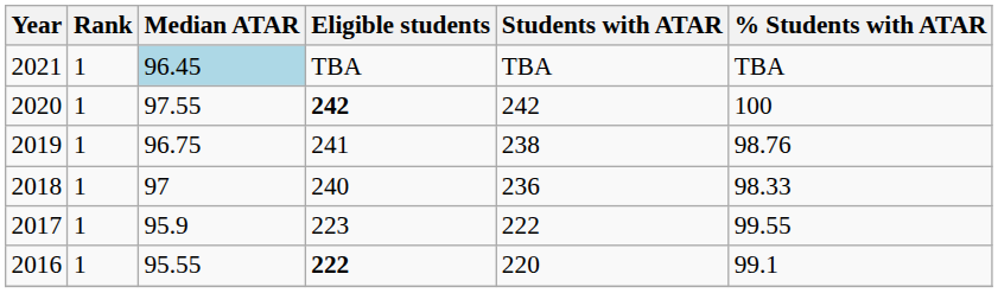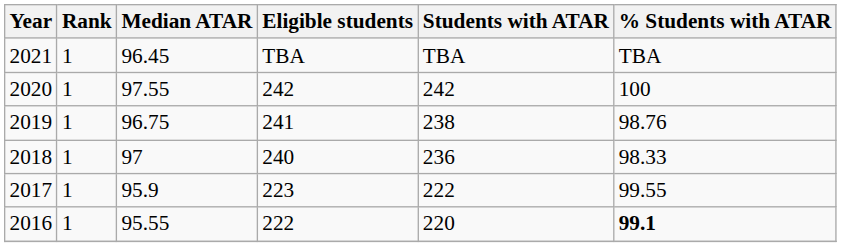 <table class="wikitable sortable">
 <tr>
 <th>Year</th>
 <th>Rank</th>
 <th>Median ATAR</th>
 <th>Eligible students</th>
 <th>Students with ATAR</th>
 <th>% Students with ATAR</th>
 </tr>
 <tr>
 <td>2021</td>
 <td>1</td>
-<td style="background: lightblue;">96.45</td>
+<td>96.45</td>
 <td>TBA</td>
 <td>TBA</td>
 <td>TBA</td>
 </tr>
 <tr>
 <td>2020</td>
 <td>1</td>
 <td>97.55</td>
-<td><strong>242</strong></td>
+<td>242</td>
 <td>242</td>
 <td>100</td>
 </tr>
 <tr>
 <td>2019</td>
 <td>1</td>
 <td>96.75</td>
 <td>241</td>
 <td>238</td>
 <td>98.76</td>
 </tr>
 <tr>
 <td>2018</td>
 <td>1</td>
 <td>97</td>
 <td>240</td>
 <td>236</td>
 <td>98.33</td>
 </tr>
 <tr>
 <td>2017</td>
 <td>1</td>
 <td>95.9</td>
 <td>223</td>
 <td>222</td>
 <td>99.55</td>
 </tr>
 <tr>
 <td>2016</td>
 <td>1</td>
 <td>95.55</td>
-<td><strong>222</strong></td>
+<td>222</td>
 <td>220</td>
-<td>99.1</td>
+<td><strong>99.1</strong></td>
 </tr>
 <tr>
 </tr>
 </table>
